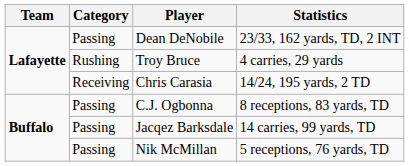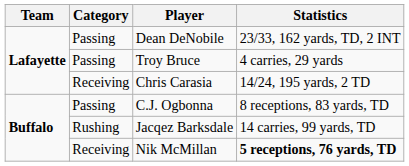 <table class="wikitable" style="float: right;">
 <tr>
 <th>Team</th>
 <th>Category</th>
 <th>Player</th>
 <th>Statistics</th>
 </tr>
 <tr>
 <td rowspan=3><strong>Lafayette</strong></td>
 <td>Passing</td>
 <td>Dean DeNobile</td>
 <td>23/33, 162 yards, TD, 2 INT</td>
 </tr>
 <tr>
-<td>Rushing</td>
+<td>Passing</td>
 <td>Troy Bruce</td>
 <td>4 carries, 29 yards</td>
 </tr>
 <tr>
 <td>Receiving</td>
 <td>Chris Carasia</td>
 <td>14/24, 195 yards, 2 TD</td>
 </tr>
 <tr>
 <td rowspan=3><strong>Buffalo</strong></td>
 <td>Passing</td>
 <td>C.J. Ogbonna</td>
 <td>8 receptions, 83 yards, TD</td>
 </tr>
 <tr>
-<td>Passing</td>
+<td>Rushing</td>
 <td>Jacqez Barksdale</td>
 <td>14 carries, 99 yards, TD</td>
 </tr>
 <tr>
-<td>Passing</td>
+<td>Receiving</td>
 <td>Nik McMillan</td>
-<td>5 receptions, 76 yards, TD</td>
+<td><strong>5 receptions, 76 yards, TD</strong></td>
 </tr>
 </table>
